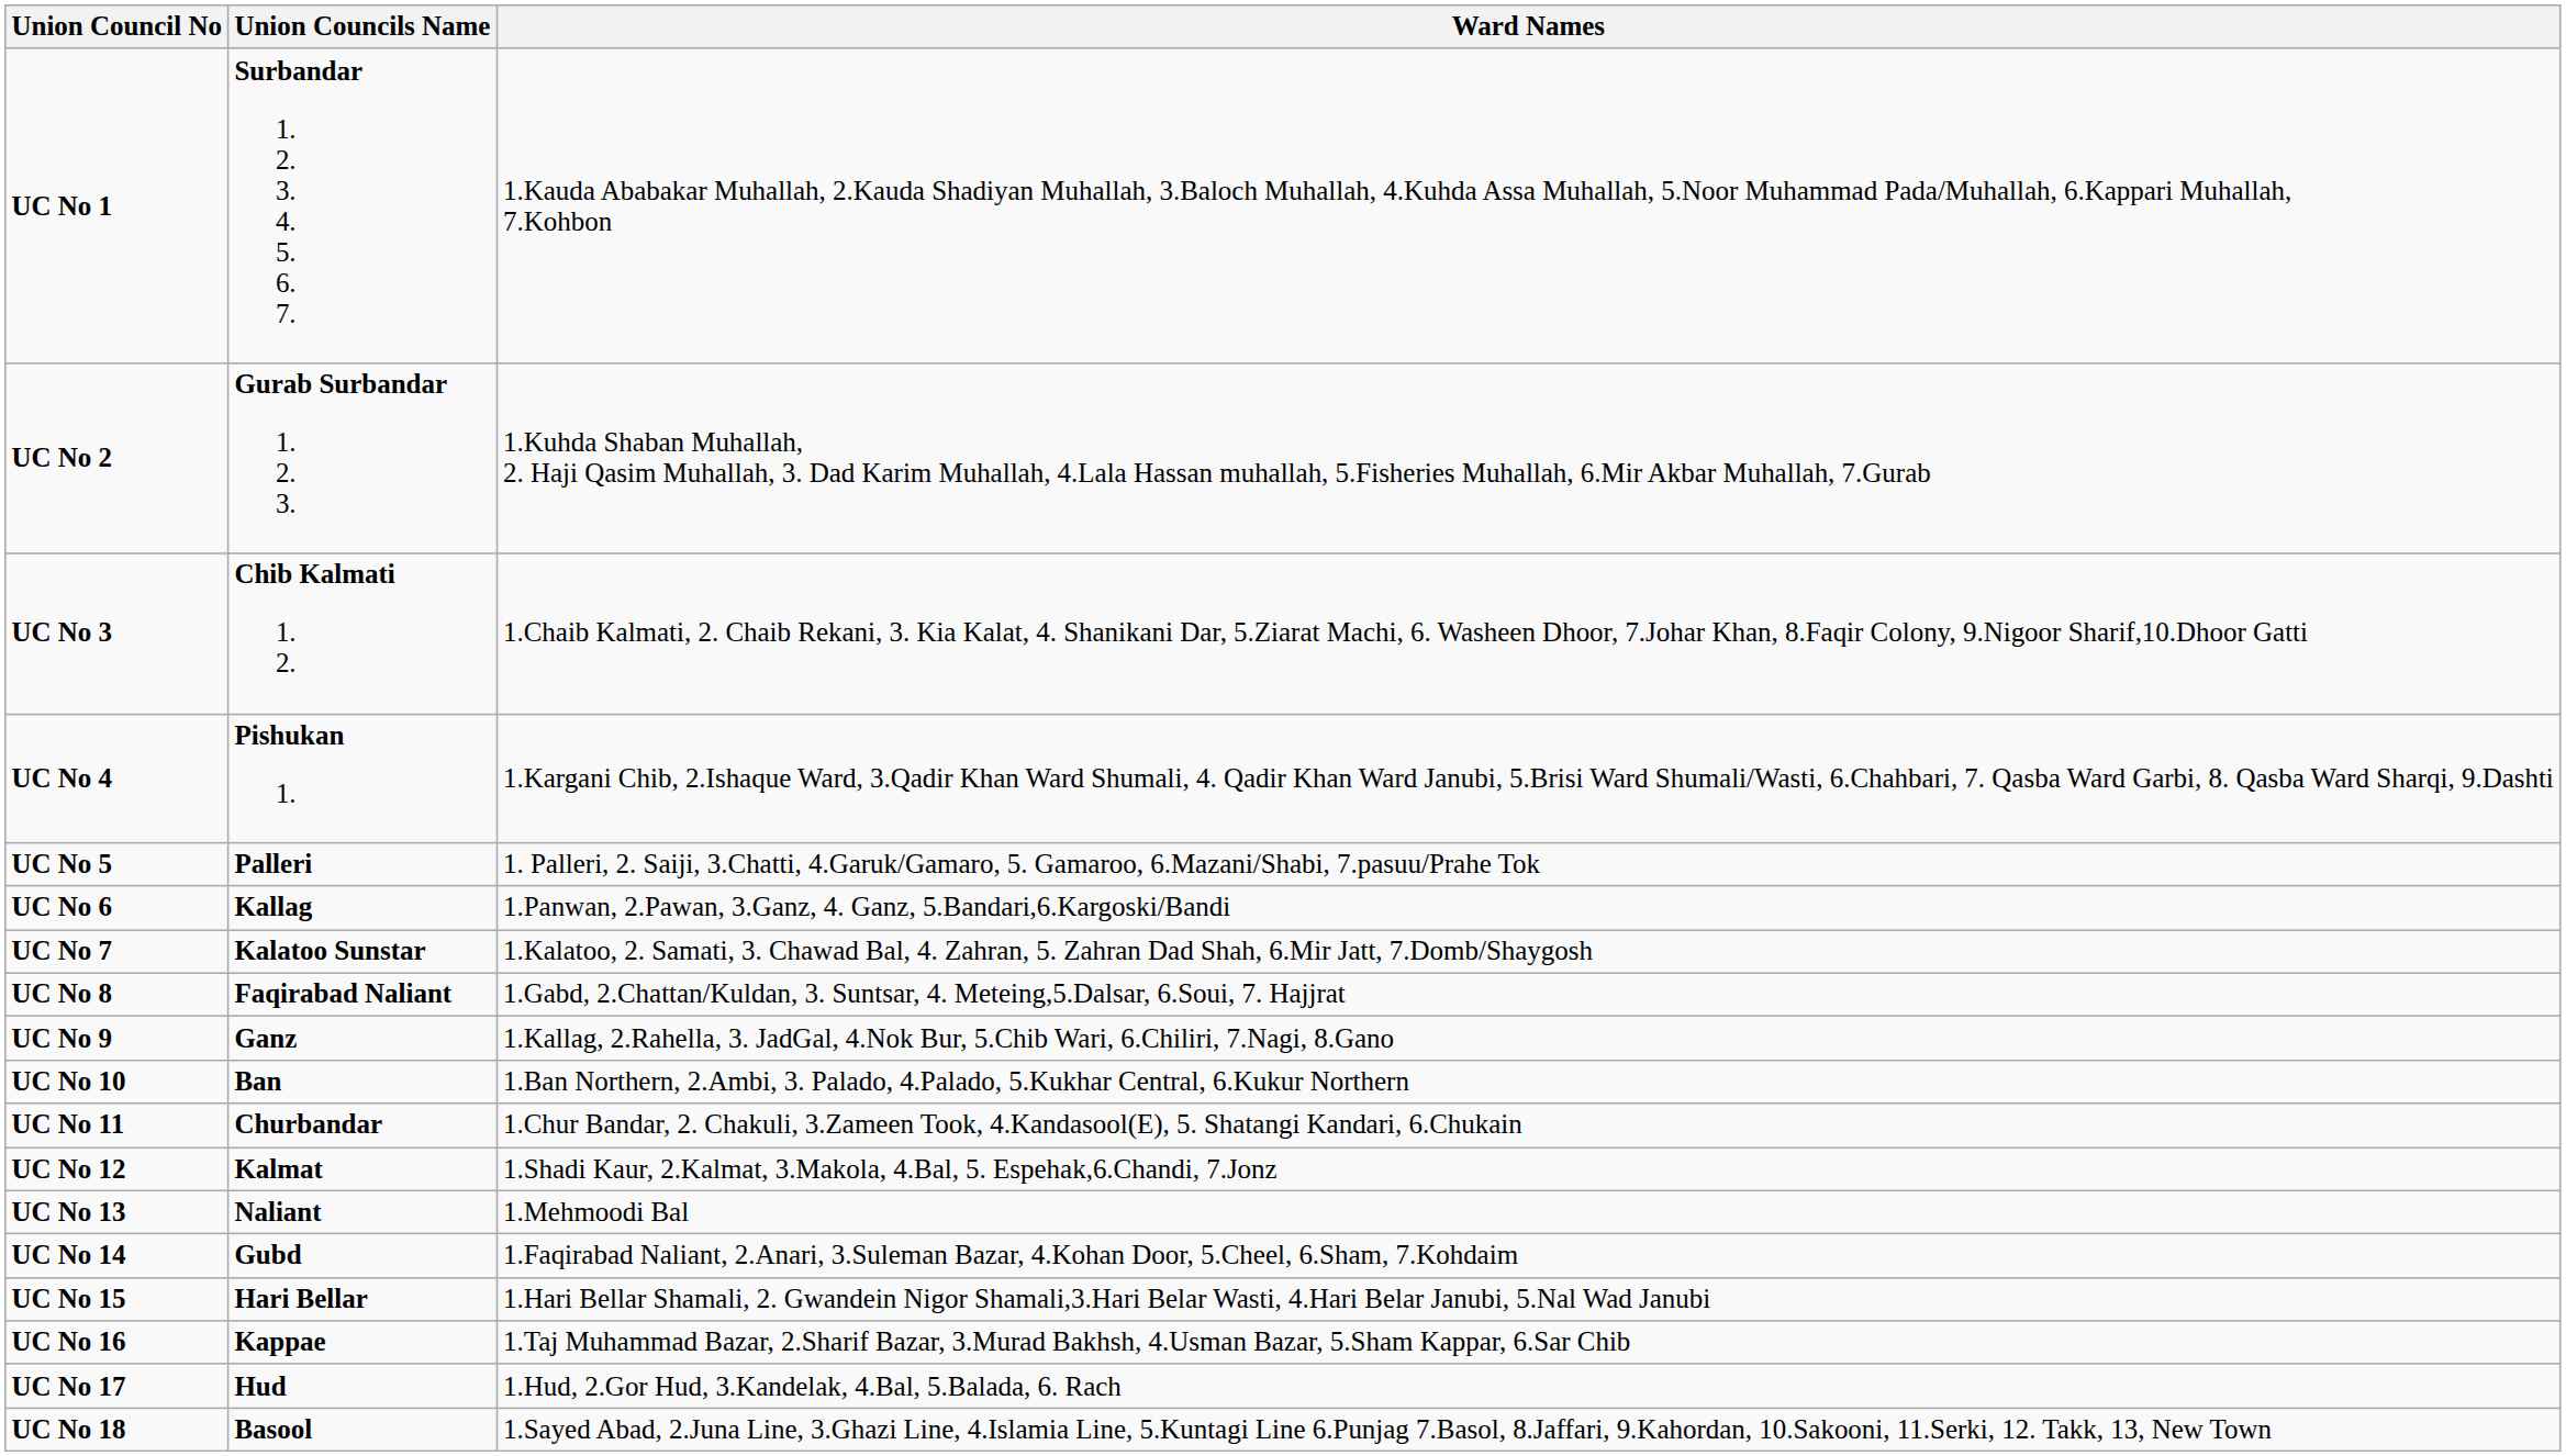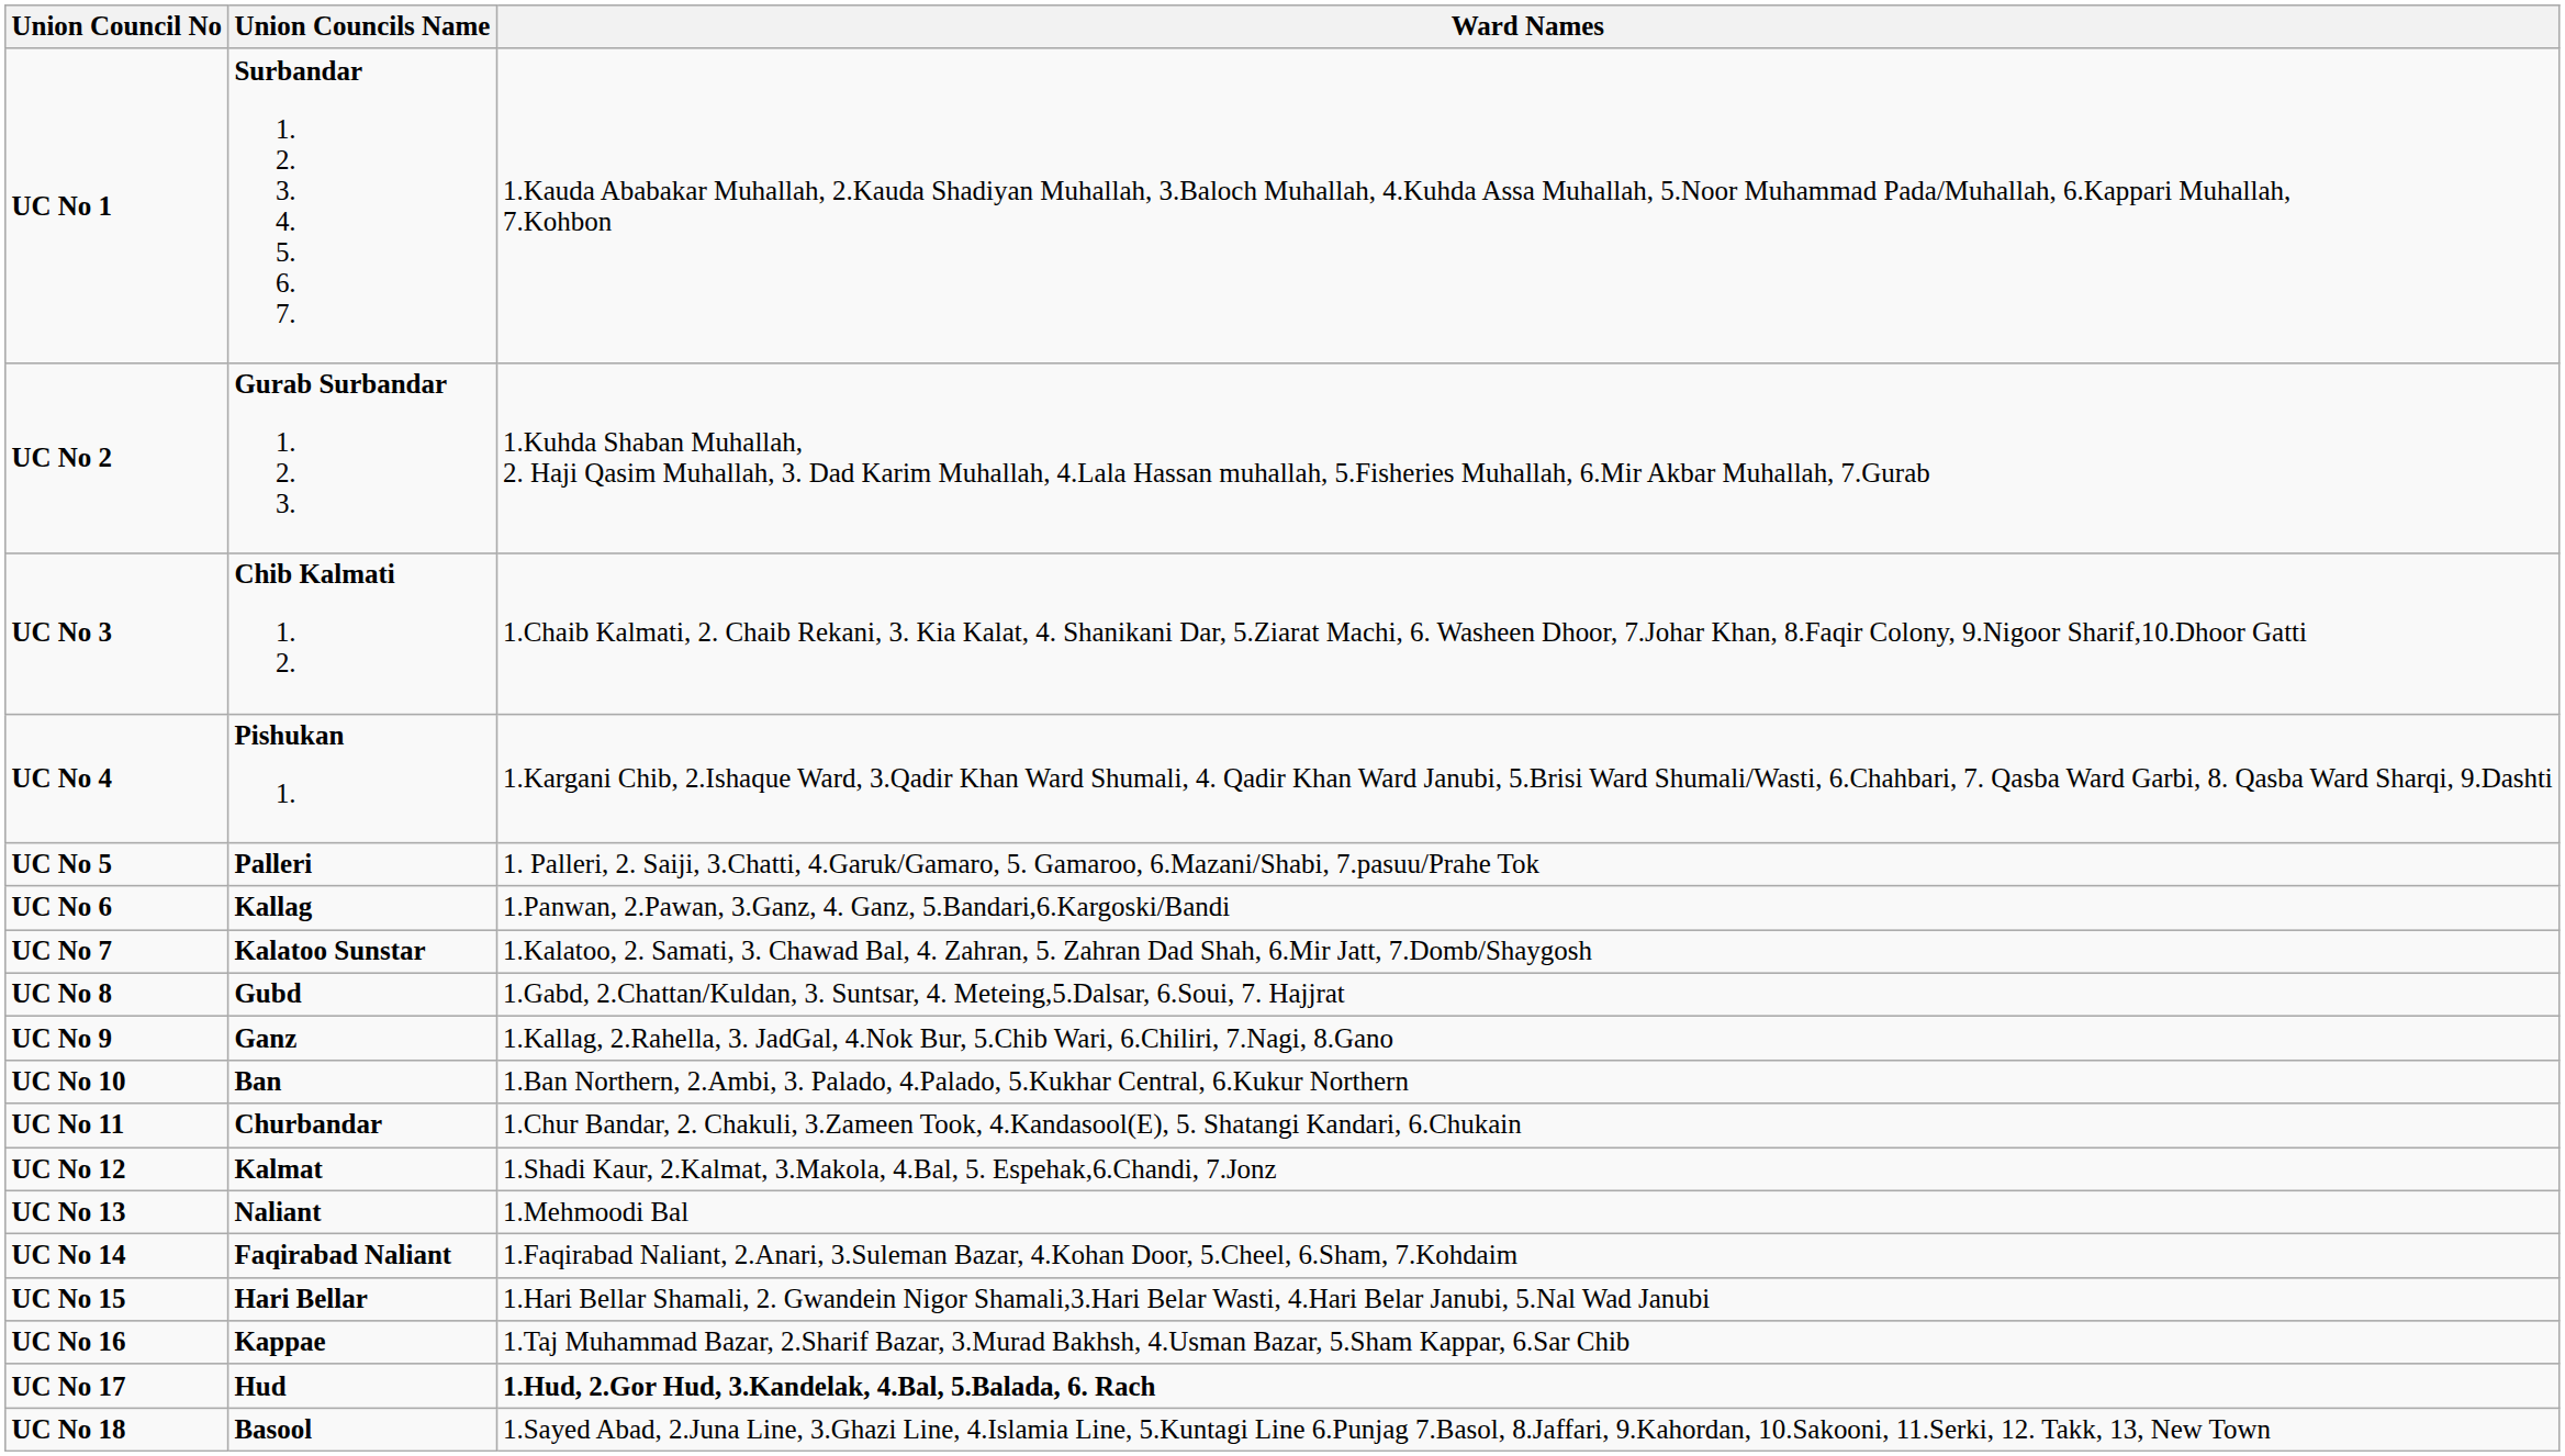 <table class="wikitable sortable">
 <tr>
 <th>Union Council No</th>
 <th>Union Councils Name</th>
 <th>Ward Names</th>
 </tr>
 <tr>
 <td><strong>UC No 1</strong></td>
 <td><strong>Surbandar</strong><br><ol><li></li><li></li><li></li><li></li><li></li><li></li><li></li></ol></td>
 <td>1.Kauda Ababakar Muhallah, 2.Kauda Shadiyan Muhallah, 3.Baloch Muhallah, 4.Kuhda Assa Muhallah, 5.Noor Muhammad Pada/Muhallah, 6.Kappari Muhallah,<br>7.Kohbon</td>
 </tr>
 <tr>
 <td><strong>UC No 2</strong></td>
 <td><strong>Gurab Surbandar</strong><br><ol><li></li><li></li><li></li></ol></td>
 <td>1.Kuhda Shaban Muhallah,<br>2. Haji Qasim Muhallah,  3. Dad Karim Muhallah, 4.Lala Hassan muhallah, 5.Fisheries Muhallah,  6.Mir Akbar Muhallah, 7.Gurab</td>
 </tr>
 <tr>
 <td><strong>UC No 3</strong></td>
 <td><strong>Chib Kalmati</strong><br><ol><li></li><li></li></ol></td>
 <td>1.Chaib Kalmati, 2. Chaib Rekani, 3. Kia Kalat, 4. Shanikani Dar, 5.Ziarat Machi, 6. Washeen Dhoor, 7.Johar Khan, 8.Faqir Colony, 9.Nigoor Sharif,10.Dhoor Gatti</td>
 </tr>
 <tr>
 <td><strong>UC No 4</strong></td>
 <td><strong>Pishukan</strong><br><ol><li></li></ol></td>
 <td>1.Kargani Chib, 2.Ishaque Ward, 3.Qadir Khan Ward Shumali, 4. Qadir Khan Ward Janubi, 5.Brisi Ward Shumali/Wasti, 6.Chahbari, 7. Qasba Ward Garbi, 8. Qasba Ward Sharqi, 9.Dashti</td>
 </tr>
 <tr>
 <td><strong>UC No 5</strong></td>
 <td><strong>Palleri</strong></td>
 <td>1. Palleri, 2. Saiji, 3.Chatti, 4.Garuk/Gamaro, 5. Gamaroo, 6.Mazani/Shabi, 7.pasuu/Prahe Tok</td>
 </tr>
 <tr>
 <td><strong>UC No 6</strong></td>
 <td><strong>Kallag</strong></td>
 <td>1.Panwan, 2.Pawan, 3.Ganz, 4. Ganz, 5.Bandari,6.Kargoski/Bandi</td>
 </tr>
 <tr>
 <td><strong>UC No 7</strong></td>
 <td><strong>Kalatoo Sunstar</strong></td>
 <td>1.Kalatoo, 2. Samati, 3. Chawad Bal, 4. Zahran, 5. Zahran Dad Shah, 6.Mir Jatt, 7.Domb/Shaygosh</td>
 </tr>
 <tr>
 <td><strong>UC No 8</strong></td>
-<td><strong>Faqirabad Naliant</strong></td>
+<td><strong>Gubd</strong></td>
 <td>1.Gabd, 2.Chattan/Kuldan, 3. Suntsar, 4. Meteing,5.Dalsar, 6.Soui, 7. Hajjrat</td>
 </tr>
 <tr>
 <td><strong>UC No 9</strong></td>
 <td><strong>Ganz</strong></td>
 <td>1.Kallag, 2.Rahella, 3. JadGal, 4.Nok Bur, 5.Chib Wari, 6.Chiliri, 7.Nagi, 8.Gano</td>
 </tr>
 <tr>
 <td><strong>UC No 10</strong></td>
 <td><strong>Ban</strong></td>
 <td>1.Ban Northern, 2.Ambi, 3. Palado, 4.Palado, 5.Kukhar Central, 6.Kukur Northern</td>
 </tr>
 <tr>
 <td><strong>UC No 11</strong></td>
 <td><strong>Churbandar</strong></td>
 <td>1.Chur Bandar, 2. Chakuli, 3.Zameen Took, 4.Kandasool(E), 5. Shatangi Kandari, 6.Chukain</td>
 </tr>
 <tr>
 <td><strong>UC No 12</strong></td>
 <td><strong>Kalmat</strong></td>
 <td>1.Shadi Kaur, 2.Kalmat, 3.Makola, 4.Bal, 5. Espehak,6.Chandi, 7.Jonz</td>
 </tr>
 <tr>
 <td><strong>UC No 13</strong></td>
 <td><strong>Naliant</strong></td>
 <td>1.Mehmoodi Bal</td>
 </tr>
 <tr>
 <td><strong>UC No 14</strong></td>
-<td><strong>Gubd</strong></td>
+<td><strong>Faqirabad Naliant</strong></td>
 <td>1.Faqirabad Naliant, 2.Anari, 3.Suleman Bazar, 4.Kohan Door, 5.Cheel, 6.Sham, 7.Kohdaim</td>
 </tr>
 <tr>
 <td><strong>UC No 15</strong></td>
 <td><strong>Hari Bellar</strong></td>
 <td>1.Hari Bellar Shamali, 2. Gwandein Nigor Shamali,3.Hari Belar Wasti, 4.Hari Belar Janubi, 5.Nal Wad Janubi</td>
 </tr>
 <tr>
 <td><strong>UC No 16</strong></td>
 <td><strong>Kappae</strong></td>
 <td>1.Taj Muhammad Bazar, 2.Sharif Bazar, 3.Murad Bakhsh, 4.Usman Bazar, 5.Sham Kappar, 6.Sar Chib</td>
 </tr>
 <tr>
 <td><strong>UC No 17</strong></td>
 <td><strong>Hud</strong></td>
-<td>1.Hud, 2.Gor Hud, 3.Kandelak, 4.Bal, 5.Balada, 6. Rach</td>
+<td><strong>1.Hud, 2.Gor Hud, 3.Kandelak, 4.Bal, 5.Balada, 6. Rach</strong></td>
 </tr>
 <tr>
 <td><strong>UC No 18</strong></td>
 <td><strong>Basool</strong></td>
 <td>1.Sayed Abad, 2.Juna Line, 3.Ghazi Line, 4.Islamia Line, 5.Kuntagi Line 6.Punjag 7.Basol, 8.Jaffari, 9.Kahordan, 10.Sakooni, 11.Serki, 12. Takk, 13, New Town</td>
 </tr>
 </table>
